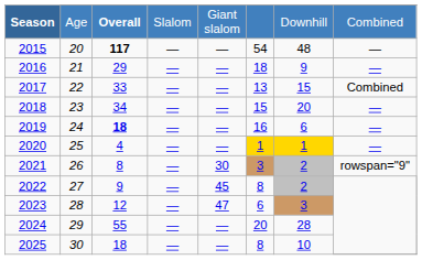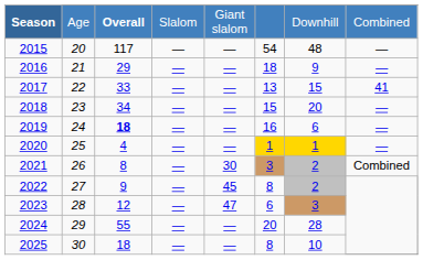 <table class="wikitable"  style="font-size:95%; text-align:center; border:gray solid 1px; width:40%;">
 <tr style="background:#369; color:white;">
 <td rowspan="2" style="width:4%;"><strong>Season</strong></td>
 </tr>
 <tr style="background:#4180be; color:white;">
 <td style="width:3%;">Age</td>
 <td style="width:5%;"><strong>Overall</strong></td>
 <td style="width:5%;">Slalom</td>
 <td style="width:5%;">Giant slalom</td>
 <td style="width:5%;"></td>
 <td style="width:5%;">Downhill</td>
 <td style="width:5%;">Combined</td>
 </tr>
 <tr>
 <td><a href='#'>2015</a></td>
 <td><em>20</em></td>
-<td><strong>117</strong></td>
+<td>117</td>
 <td>—</td>
 <td>—</td>
 <td>54</td>
 <td>48</td>
 <td>—</td>
 </tr>
 <tr>
 <td><a href='#'>2016</a></td>
 <td><em>21</em></td>
 <td><a href='#'>29</a></td>
 <td><a href='#'>—</a></td>
 <td><a href='#'>—</a></td>
 <td><a href='#'>18</a></td>
 <td><a href='#'>9</a></td>
 <td><a href='#'>—</a></td>
 </tr>
 <tr>
 <td><a href='#'>2017</a></td>
 <td><em>22</em></td>
 <td><a href='#'>33</a></td>
 <td><a href='#'>—</a></td>
 <td><a href='#'>—</a></td>
 <td><a href='#'>13</a></td>
 <td><a href='#'>15</a></td>
-<td style="width:5%;">Combined</td>
+<td><a href='#'>41</a></td>
 </tr>
 <tr>
 <td><a href='#'>2018</a></td>
 <td><em>23</em></td>
 <td><a href='#'>34</a></td>
 <td><a href='#'>—</a></td>
 <td><a href='#'>—</a></td>
 <td><a href='#'>15</a></td>
 <td><a href='#'>20</a></td>
 <td><a href='#'>—</a></td>
 </tr>
 <tr>
 <td><a href='#'>2019</a></td>
 <td><em>24</em></td>
 <td><strong><a href='#'>18</a></strong></td>
 <td><a href='#'>—</a></td>
 <td><a href='#'>—</a></td>
 <td><a href='#'>16</a></td>
 <td><a href='#'>6</a></td>
 <td><a href='#'>—</a></td>
 </tr>
 <tr>
 <td><a href='#'>2020</a></td>
 <td><em>25</em></td>
 <td><a href='#'>4</a></td>
 <td><a href='#'>—</a></td>
 <td><a href='#'>—</a></td>
 <td style="background:gold;"><a href='#'>1</a></td>
 <td style="background:gold;"><a href='#'>1</a></td>
 <td><a href='#'>—</a></td>
 </tr>
 <tr>
 <td><a href='#'>2021</a></td>
 <td><em>26</em></td>
 <td><a href='#'>8</a></td>
 <td><a href='#'>—</a></td>
 <td><a href='#'>30</a></td>
 <td style="background:#c96;"><a href='#'>3</a></td>
 <td style="background:silver;"><a href='#'>2</a></td>
-<td>rowspan="9" </td>
+<td style="width:5%;">Combined</td>
 </tr>
 <tr>
 <td><a href='#'>2022</a></td>
 <td><em>27</em></td>
 <td><a href='#'>9</a></td>
 <td><a href='#'>—</a></td>
 <td><a href='#'>45</a></td>
 <td><a href='#'>8</a></td>
 <td style="background:silver;"><a href='#'>2</a></td>
 </tr>
 <tr>
 <td><a href='#'>2023</a></td>
 <td><em>28</em></td>
 <td><a href='#'>12</a></td>
 <td><a href='#'>—</a></td>
 <td><a href='#'>47</a></td>
 <td><a href='#'>6</a></td>
 <td style="background:#c96;"><a href='#'>3</a></td>
 </tr>
 <tr>
 <td><a href='#'>2024</a></td>
 <td><em>29</em></td>
 <td><a href='#'>55</a></td>
 <td><a href='#'>—</a></td>
 <td><a href='#'>—</a></td>
 <td><a href='#'>20</a></td>
 <td><a href='#'>28</a></td>
 </tr>
 <tr>
 <td><a href='#'>2025</a></td>
 <td><em>30</em></td>
 <td><a href='#'>18</a></td>
 <td><a href='#'>—</a></td>
 <td><a href='#'>—</a></td>
 <td><a href='#'>8</a></td>
 <td><a href='#'>10</a></td>
 </tr>
 </table>
